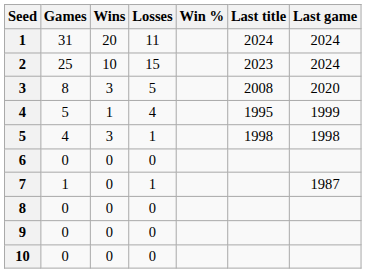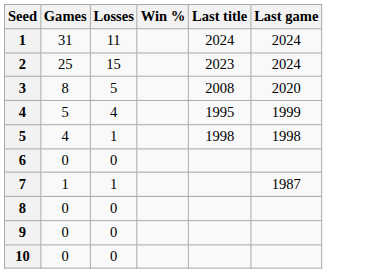 <table class="wikitable sortable" style="text-align:center;font-size:90%">
 <tr>
 <th width=px>Seed</th>
 <th width=px>Games</th>
-<th width=px>Wins</th>
 <th width=px>Losses</th>
 <th width=px>Win %</th>
 <th width=px>Last title</th>
 <th width=px>Last game</th>
 </tr>
 <tr>
 <th>1</th>
 <td>31</td>
-<td>20</td>
 <td>11</td>
 <td></td>
 <td>2024</td>
 <td>2024</td>
 </tr>
 <tr>
 <th>2</th>
 <td>25</td>
-<td>10</td>
 <td>15</td>
 <td></td>
 <td>2023</td>
 <td>2024</td>
 </tr>
 <tr>
 <th>3</th>
 <td>8</td>
-<td>3</td>
 <td>5</td>
 <td></td>
 <td>2008</td>
 <td>2020</td>
 </tr>
 <tr>
 <th>4</th>
 <td>5</td>
-<td>1</td>
 <td>4</td>
 <td></td>
 <td>1995</td>
 <td>1999</td>
 </tr>
 <tr>
 <th>5</th>
 <td>4</td>
-<td>3</td>
 <td>1</td>
 <td></td>
 <td>1998</td>
 <td>1998</td>
 </tr>
 <tr>
 <th>6</th>
 <td>0</td>
 <td>0</td>
-<td>0</td>
 <td></td>
 <td></td>
 <td></td>
 </tr>
 <tr>
 <th>7</th>
 <td>1</td>
-<td>0</td>
 <td>1</td>
 <td></td>
 <td></td>
 <td>1987</td>
 </tr>
 <tr>
 <th>8</th>
-<td>0</td>
 <td>0</td>
 <td>0</td>
 <td></td>
 <td></td>
 <td></td>
 </tr>
 <tr>
 <th>9</th>
 <td>0</td>
 <td>0</td>
-<td>0</td>
 <td></td>
 <td></td>
 <td></td>
 </tr>
 <tr>
 <th>10</th>
 <td>0</td>
 <td>0</td>
-<td>0</td>
 <td></td>
 <td></td>
 <td></td>
 </tr>
 </table>
